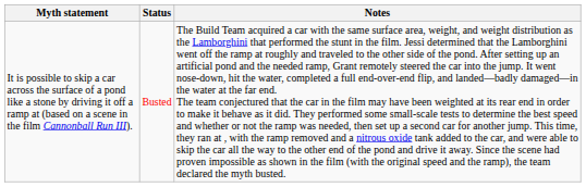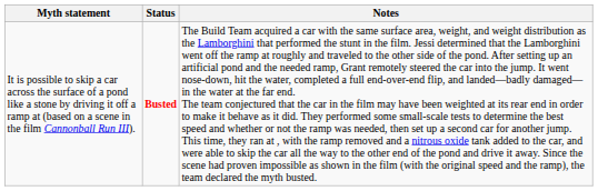 <table class="wikitable plainrowheaders">
 <tr>
 <th>Myth statement</th>
 <th>Status</th>
 <th>Notes</th>
 </tr>
 <tr>
 <td>It is possible to skip a car across the surface of a pond like a stone by driving it off a ramp at  (based on a scene in the film <em><a href='#'>Cannonball Run III</a></em>).</td>
-<td style="color:red">Busted</td>
+<td style="color:red"><strong>Busted</strong></td>
 <td>The Build Team acquired a car with the same surface area, weight, and weight distribution as the <a href='#'>Lamborghini</a> that performed the stunt in the film. Jessi determined that the Lamborghini went off the ramp at roughly  and traveled  to the other side of the pond. After setting up an artificial pond and the needed ramp, Grant remotely steered the car into the jump. It went nose-down, hit the water, completed a full end-over-end flip, and landed—badly damaged—in the water at the far end.<br>The team conjectured that the car in the film may have been weighted at its rear end in order to make it behave as it did. They performed some small-scale tests to determine the best speed and whether or not the ramp was needed, then set up a second car for another jump. This time, they ran at , with the ramp removed and a <a href='#'>nitrous oxide</a> tank added to the car, and were able to skip the car all the way to the other end of the pond and drive it away. Since the scene had proven impossible as shown in the film (with the original speed and the ramp), the team declared the myth busted.</td>
 </tr>
 </table>
